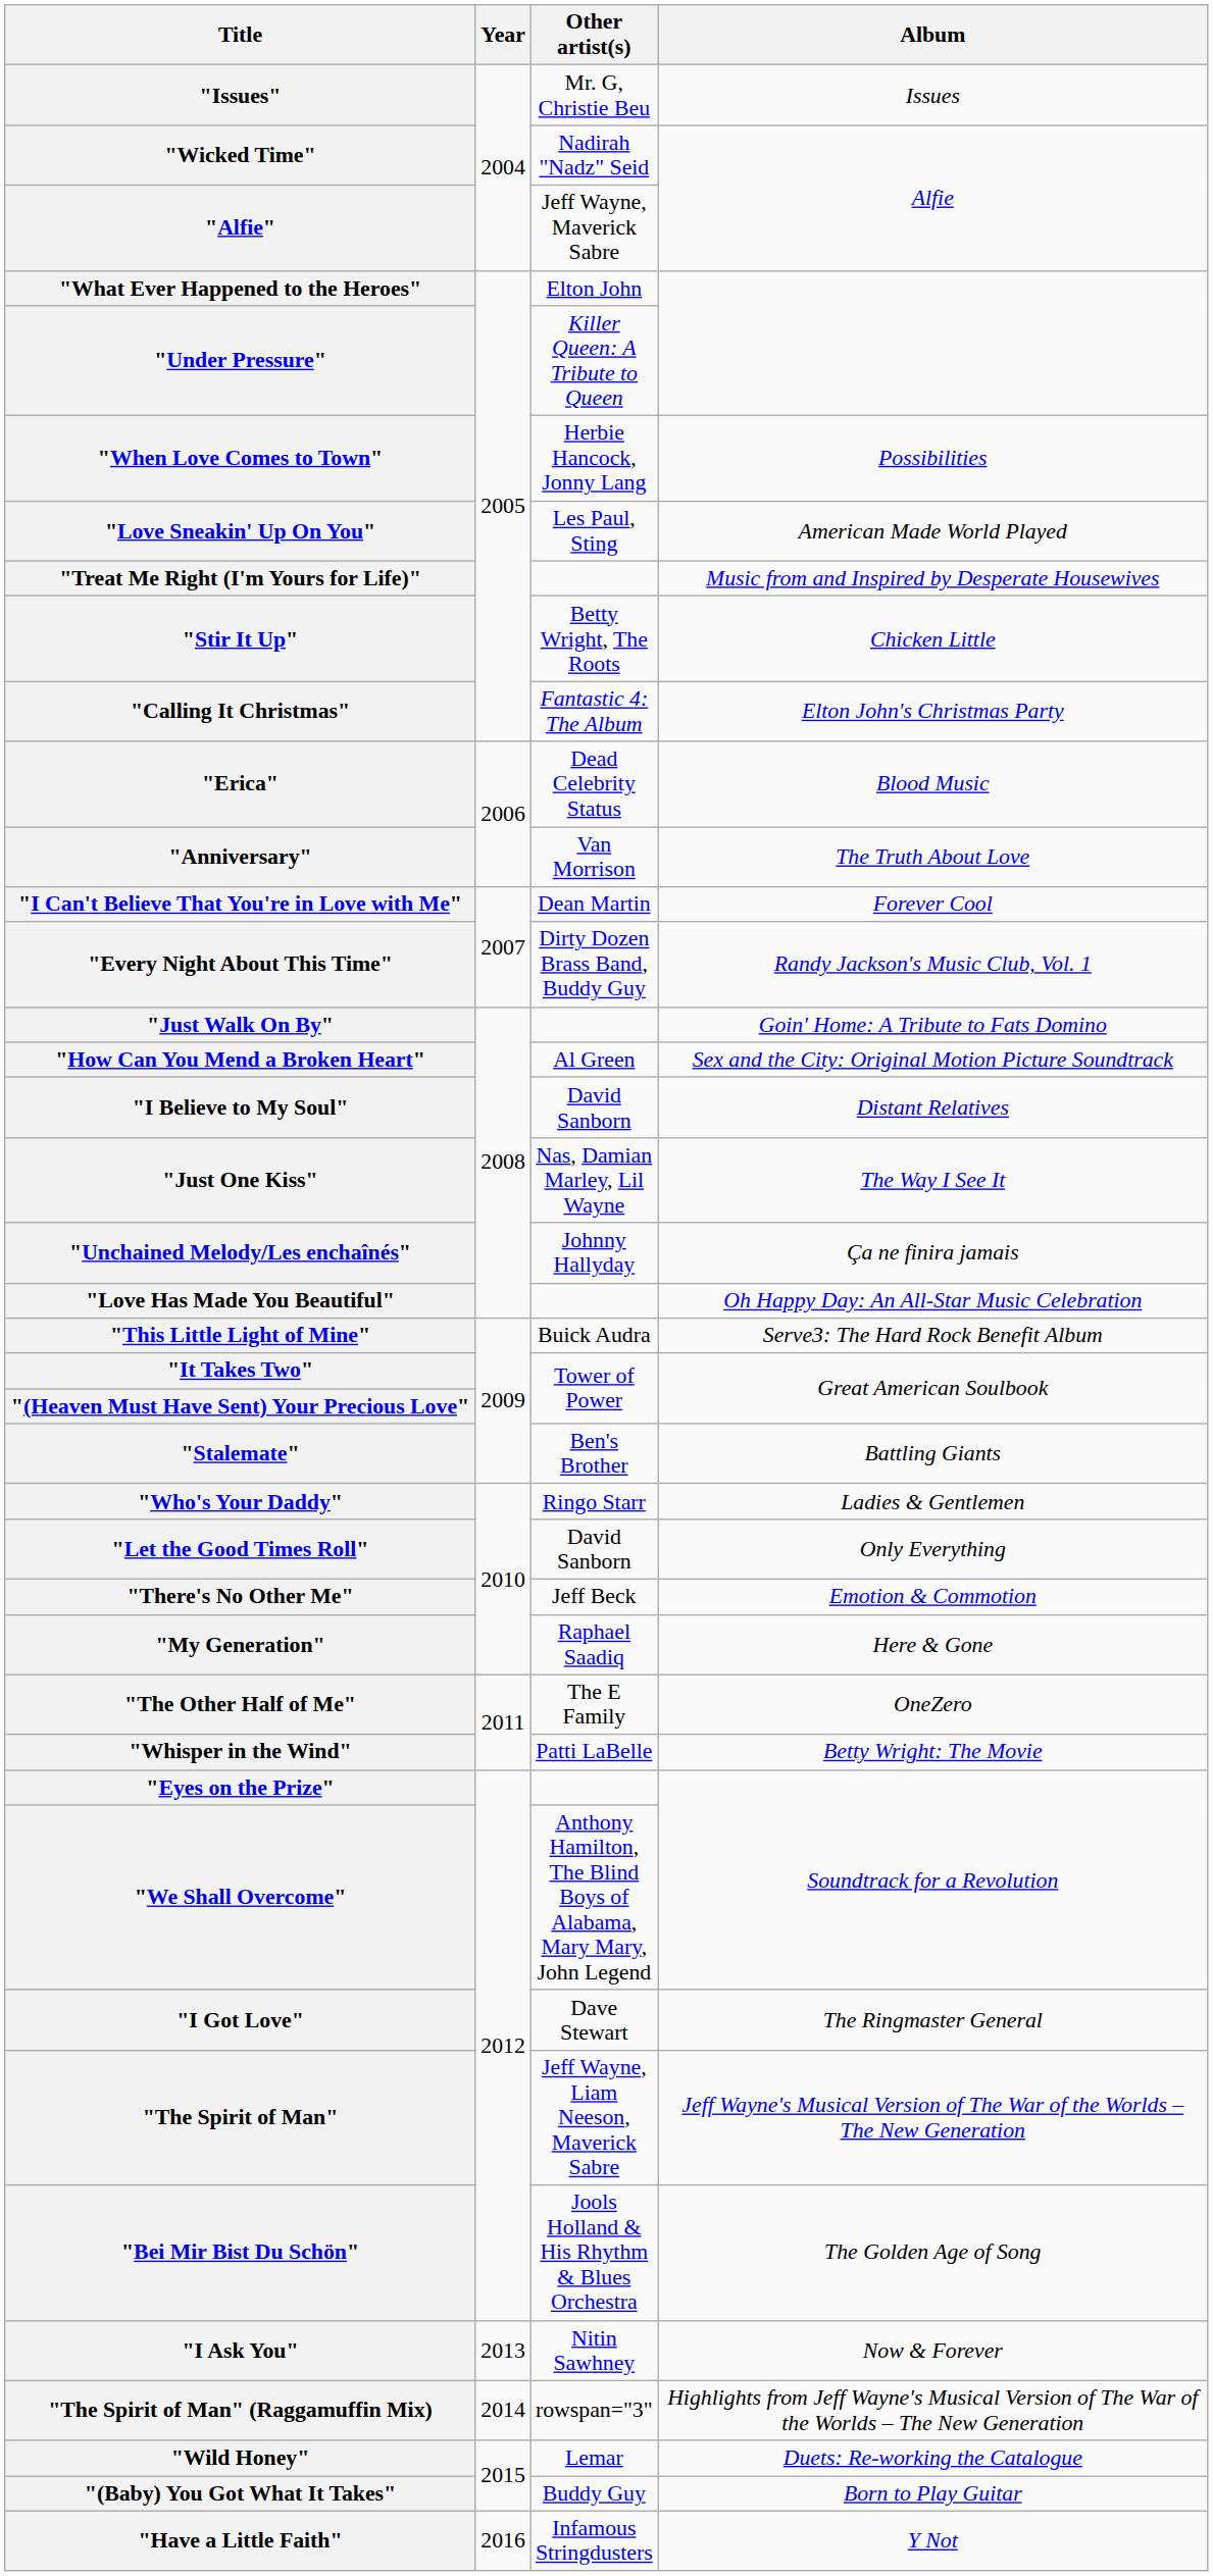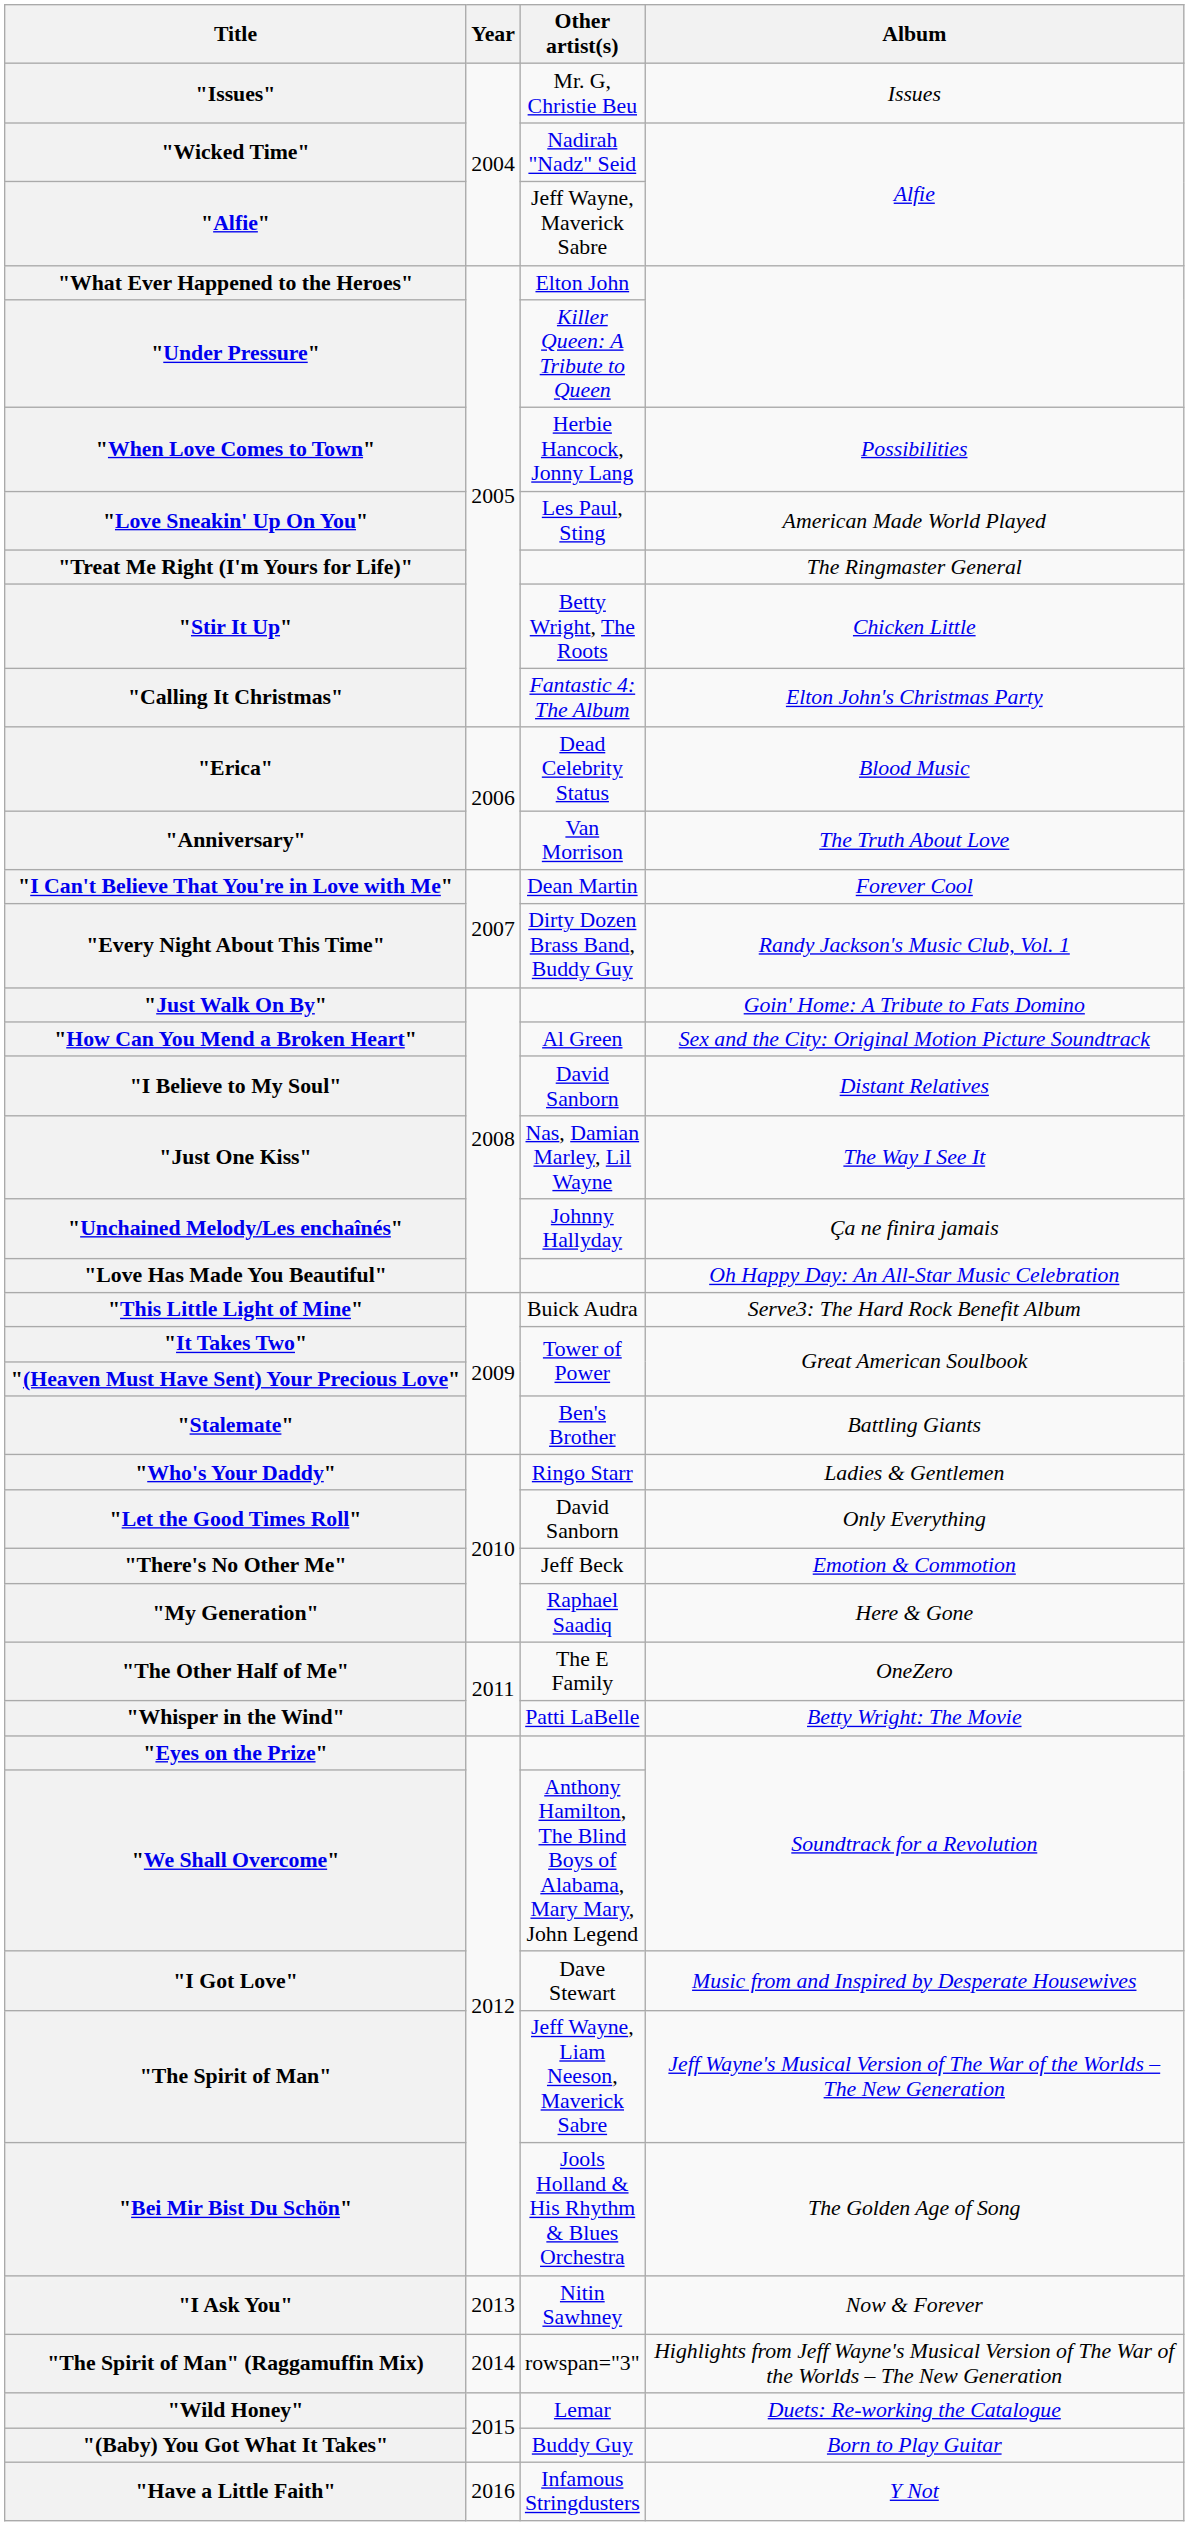 <table class="wikitable plainrowheaders" style="text-align:center;">
 <tr>
 <th scope="col" style="width:22em;">Title</th>
 <th scope="col">Year</th>
 <th scope="col">Other artist(s)</th>
 <th scope="col" style="width:26em;">Album</th>
 </tr>
 <tr>
 <th scope="row">"Issues"</th>
 <td rowspan="3">2004</td>
 <td>Mr. G, <a href='#'>Christie Beu</a></td>
 <td><em>Issues</em></td>
 </tr>
 <tr>
 <th scope="row">"Wicked Time"</th>
 <td><a href='#'>Nadirah "Nadz" Seid</a></td>
 <td rowspan="2"><em><a href='#'>Alfie</a></em></td>
 </tr>
 <tr>
 <th scope="row">"<a href='#'>Alfie</a>"</th>
 <td>Jeff Wayne, Maverick Sabre</td>
 </tr>
 <tr>
 <th scope="row">"What Ever Happened to the Heroes"</th>
 <td rowspan="7">2005</td>
 <td><a href='#'>Elton John</a></td>
 </tr>
 <tr>
 <th scope="row">"<a href='#'>Under Pressure</a>"</th>
 <td><em><a href='#'>Killer Queen: A Tribute to Queen</a></em></td>
 </tr>
 <tr>
 <th scope="row">"<a href='#'>When Love Comes to Town</a>"</th>
 <td><a href='#'>Herbie Hancock</a>, <a href='#'>Jonny Lang</a></td>
 <td><em><a href='#'>Possibilities</a></em></td>
 </tr>
 <tr>
 <th scope="row">"<a href='#'>Love Sneakin' Up On You</a>"</th>
 <td><a href='#'>Les Paul</a>, <a href='#'>Sting</a></td>
 <td><em>American Made World Played</em></td>
 </tr>
 <tr>
 <th scope="row">"Treat Me Right (I'm Yours for Life)"</th>
 <td></td>
-<td><em><a href='#'>Music from and Inspired by Desperate Housewives</a></em></td>
+<td><em>The Ringmaster General</em></td>
 </tr>
 <tr>
 <th scope="row">"<a href='#'>Stir It Up</a>"</th>
 <td><a href='#'>Betty Wright</a>, <a href='#'>The Roots</a></td>
 <td><em><a href='#'>Chicken Little</a></em></td>
 </tr>
 <tr>
 <th scope="row">"Calling It Christmas"</th>
 <td><em><a href='#'>Fantastic 4: The Album</a></em></td>
 <td><em><a href='#'>Elton John's Christmas Party</a></em></td>
 </tr>
 <tr>
 <th scope="row">"Erica"</th>
 <td rowspan="2">2006</td>
 <td><a href='#'>Dead Celebrity Status</a></td>
 <td><em><a href='#'>Blood Music</a></em></td>
 </tr>
 <tr>
 <th scope="row">"Anniversary"</th>
 <td><a href='#'>Van Morrison</a></td>
 <td><em><a href='#'>The Truth About Love</a></em></td>
 </tr>
 <tr>
 <th scope="row">"<a href='#'>I Can't Believe That You're in Love with Me</a>"</th>
 <td rowspan="2">2007</td>
 <td><a href='#'>Dean Martin</a></td>
 <td><em><a href='#'>Forever Cool</a></em></td>
 </tr>
 <tr>
 <th scope="row">"Every Night About This Time"</th>
 <td><a href='#'>Dirty Dozen Brass Band</a>, <a href='#'>Buddy Guy</a></td>
 <td><em><a href='#'>Randy Jackson's Music Club, Vol. 1</a></em></td>
 </tr>
 <tr>
 <th scope="row">"<a href='#'>Just Walk On By</a>"</th>
 <td rowspan="6">2008</td>
 <td></td>
 <td><em><a href='#'>Goin' Home: A Tribute to Fats Domino</a></em></td>
 </tr>
 <tr>
 <th scope="row">"<a href='#'>How Can You Mend a Broken Heart</a>"</th>
 <td><a href='#'>Al Green</a></td>
 <td><em><a href='#'>Sex and the City: Original Motion Picture Soundtrack</a></em></td>
 </tr>
 <tr>
 <th scope="row">"I Believe to My Soul"</th>
 <td><a href='#'>David Sanborn</a></td>
 <td><em><a href='#'>Distant Relatives</a></em></td>
 </tr>
 <tr>
 <th scope="row">"Just One Kiss"</th>
 <td><a href='#'>Nas</a>, <a href='#'>Damian Marley</a>, <a href='#'>Lil Wayne</a></td>
 <td><em><a href='#'>The Way I See It</a></em></td>
 </tr>
 <tr>
 <th scope="row">"<a href='#'>Unchained Melody/Les enchaînés</a>"</th>
 <td><a href='#'>Johnny Hallyday</a></td>
 <td><em>Ça ne finira jamais</em></td>
 </tr>
 <tr>
 <th scope="row">"Love Has Made You Beautiful"</th>
 <td></td>
 <td><em><a href='#'>Oh Happy Day: An All-Star Music Celebration</a></em></td>
 </tr>
 <tr>
 <th scope="row">"<a href='#'>This Little Light of Mine</a>"</th>
 <td rowspan="4">2009</td>
 <td>Buick Audra</td>
 <td><em>Serve3: The Hard Rock Benefit Album</em></td>
 </tr>
 <tr>
 <th scope="row">"<a href='#'>It Takes Two</a>"</th>
 <td rowspan="2"><a href='#'>Tower of Power</a></td>
 <td rowspan="2"><em>Great American Soulbook</em></td>
 </tr>
 <tr>
 <th scope="row">"<a href='#'>(Heaven Must Have Sent) Your Precious Love</a>"</th>
 </tr>
 <tr>
 <th scope="row">"<a href='#'>Stalemate</a>"</th>
 <td><a href='#'>Ben's Brother</a></td>
 <td><em>Battling Giants</em></td>
 </tr>
 <tr>
 <th scope="row">"<a href='#'>Who's Your Daddy</a>"</th>
 <td rowspan="4">2010</td>
 <td><a href='#'>Ringo Starr</a></td>
 <td><em>Ladies & Gentlemen</em></td>
 </tr>
 <tr>
 <th scope="row">"<a href='#'>Let the Good Times Roll</a>"</th>
 <td>David Sanborn</td>
 <td><em>Only Everything</em></td>
 </tr>
 <tr>
 <th scope="row">"There's No Other Me"</th>
 <td>Jeff Beck</td>
 <td><em><a href='#'>Emotion & Commotion</a></em></td>
 </tr>
 <tr>
 <th scope="row">"My Generation"</th>
 <td><a href='#'>Raphael Saadiq</a></td>
 <td><em>Here & Gone</em></td>
 </tr>
 <tr>
 <th scope="row">"The Other Half of Me"</th>
 <td rowspan="2">2011</td>
 <td>The E Family</td>
 <td><em>OneZero</em></td>
 </tr>
 <tr>
 <th scope="row">"Whisper in the Wind"</th>
 <td><a href='#'>Patti LaBelle</a></td>
 <td><em><a href='#'>Betty Wright: The Movie</a></em></td>
 </tr>
 <tr>
 <th scope="row">"<a href='#'>Eyes on the Prize</a>"</th>
 <td rowspan="5">2012</td>
 <td></td>
 <td rowspan="2"><em><a href='#'>Soundtrack for a Revolution</a></em></td>
 </tr>
 <tr>
 <th scope="row">"<a href='#'>We Shall Overcome</a>"</th>
 <td><a href='#'>Anthony Hamilton</a>, <a href='#'>The Blind Boys of Alabama</a>, <a href='#'>Mary Mary</a>, John Legend</td>
 </tr>
 <tr>
 <th scope="row">"I Got Love"</th>
 <td>Dave Stewart</td>
-<td><em>The Ringmaster General</em></td>
+<td><em><a href='#'>Music from and Inspired by Desperate Housewives</a></em></td>
 </tr>
 <tr>
 <th scope="row">"The Spirit of Man"</th>
 <td><a href='#'>Jeff Wayne</a>, <a href='#'>Liam Neeson</a>, <a href='#'>Maverick Sabre</a></td>
 <td><em><a href='#'>Jeff Wayne's Musical Version of The War of the Worlds – The New Generation</a></em></td>
 </tr>
 <tr>
 <th scope="row">"<a href='#'>Bei Mir Bist Du Schön</a>"</th>
 <td><a href='#'>Jools Holland & His Rhythm & Blues Orchestra</a></td>
 <td><em>The Golden Age of Song</em></td>
 </tr>
 <tr>
 <th scope="row">"I Ask You"</th>
 <td>2013</td>
 <td><a href='#'>Nitin Sawhney</a></td>
 <td><em>Now & Forever</em></td>
 </tr>
 <tr>
 <th scope="row">"The Spirit of Man" (Raggamuffin Mix)</th>
 <td>2014</td>
 <td>rowspan="3" </td>
 <td><em>Highlights from Jeff Wayne's Musical Version of The War of the Worlds – The New Generation</em></td>
 </tr>
 <tr>
 <th scope="row">"Wild Honey"</th>
 <td rowspan="2">2015</td>
 <td><a href='#'>Lemar</a></td>
 <td><em><a href='#'>Duets: Re-working the Catalogue</a></em></td>
 </tr>
 <tr>
 <th scope="row">"(Baby) You Got What It Takes"</th>
 <td><a href='#'>Buddy Guy</a></td>
 <td><em><a href='#'>Born to Play Guitar</a></em></td>
 </tr>
 <tr>
 <th scope="row">"Have a Little Faith"</th>
 <td>2016</td>
 <td><a href='#'>Infamous Stringdusters</a></td>
 <td><em><a href='#'>Y Not</a></em></td>
 </tr>
 </table>
